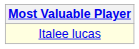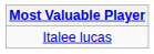 <table class=wikitable style="text-align:center; margin:auto">
 <tr>
 <th><a href='#'>Most Valuable Player</a></th>
 </tr>
 <tr>
-<td style="background: lightyellow;"> <a href='#'>Italee lucas</a></td>
+<td> <a href='#'>Italee lucas</a></td>
 </tr>
 </table>
